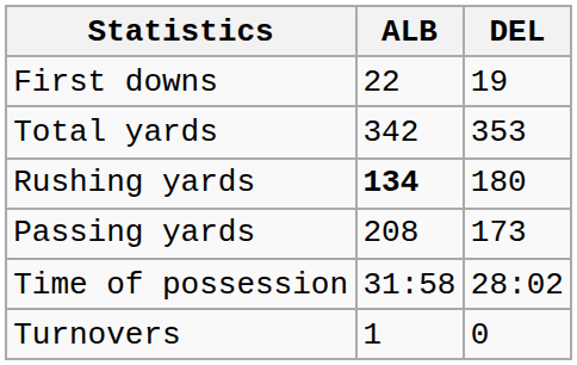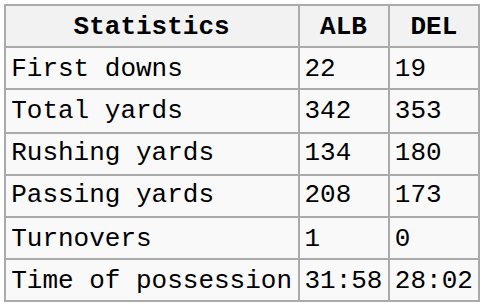 <table class="wikitable" style="float: left;">
 <tr>
 <th>Statistics</th>
 <th>ALB</th>
 <th>DEL</th>
 </tr>
 <tr>
 <td>First downs</td>
 <td>22</td>
 <td>19</td>
 </tr>
 <tr>
 <td>Total yards</td>
 <td>342</td>
 <td>353</td>
 </tr>
 <tr>
 <td>Rushing yards</td>
-<td><strong>134</strong></td>
+<td>134</td>
 <td>180</td>
 </tr>
 <tr>
 <td>Passing yards</td>
 <td>208</td>
 <td>173</td>
 </tr>
 <tr>
+<td>Turnovers</td>
+<td>1</td>
+<td>0</td>
+</tr>
+<tr>
 <td>Time of possession</td>
 <td>31:58</td>
 <td>28:02</td>
 </tr>
 <tr>
-<td>Turnovers</td>
-<td>1</td>
-<td>0</td>
-</tr>
-<tr>
 </tr>
 </table>
